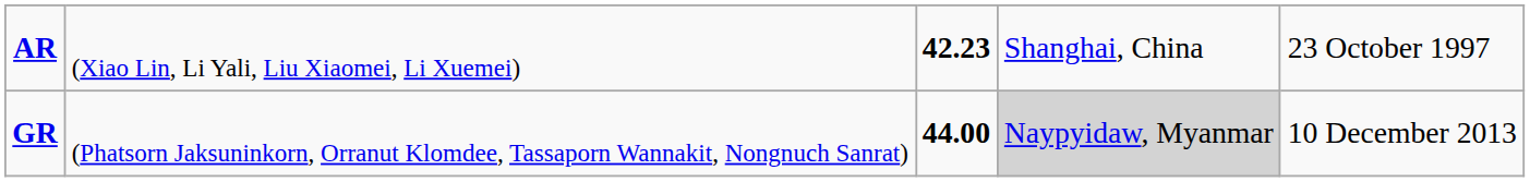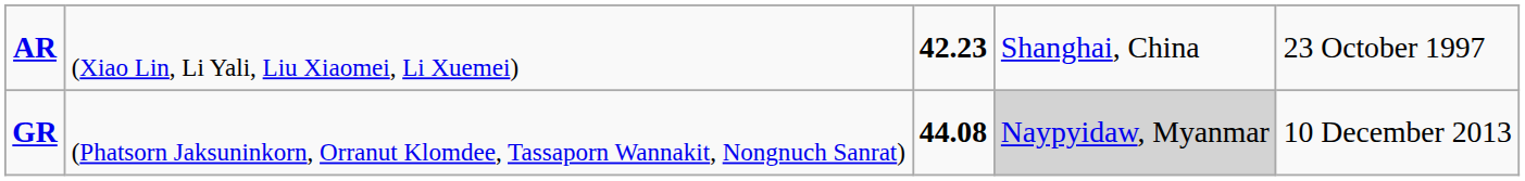 <table class="wikitable" style="font-size:95%; position:relative;">
 <tr>
 <td align=center><strong><a href='#'>AR</a></strong></td>
 <td><br><small>(<a href='#'>Xiao Lin</a>, Li Yali, <a href='#'>Liu Xiaomei</a>, <a href='#'>Li Xuemei</a>)</small></td>
 <td><strong>42.23</strong></td>
 <td><a href='#'>Shanghai</a>, China</td>
 <td>23 October 1997</td>
 </tr>
 <tr>
 <td align=center><strong><a href='#'>GR</a></strong></td>
 <td><br><small>(<a href='#'>Phatsorn Jaksuninkorn</a>, <a href='#'>Orranut Klomdee</a>, <a href='#'>Tassaporn Wannakit</a>, <a href='#'>Nongnuch Sanrat</a>)</small></td>
-<td><strong>44.00</strong></td>
+<td><strong>44.08</strong></td>
 <td style="background: lightgrey;"><a href='#'>Naypyidaw</a>, Myanmar</td>
 <td>10 December 2013</td>
 </tr>
 </table>
